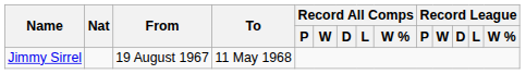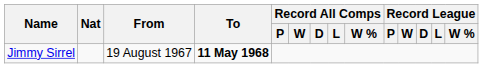 <table style="text-align: center" class="wikitable">
 <tr>
 <th rowspan="2">Name</th>
 <th rowspan="2">Nat</th>
 <th rowspan="2">From</th>
 <th rowspan="2">To</th>
 <th colspan="5">Record All Comps</th>
 <th colspan="5">Record League</th>
 </tr>
 <tr>
 <th>P</th>
 <th>W</th>
 <th>D</th>
 <th>L</th>
 <th>W %</th>
 <th>P</th>
 <th>W</th>
 <th>D</th>
 <th>L</th>
 <th>W %</th>
 </tr>
 <tr>
 <td style="text-align:left;"><a href='#'>Jimmy Sirrel</a></td>
 <td></td>
 <td style="text-align:left;">19 August 1967</td>
-<td style="text-align:left;">11 May 1968<br> </td>
+<td style="text-align:left;"><strong>11 May 1968<br> </strong></td>
 </tr>
 </table>
